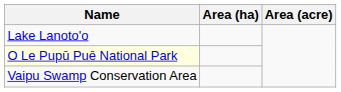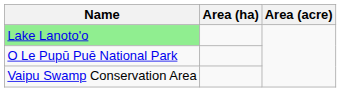 <table class="wikitable sortable">
 <tr>
 <th scope="col" align=left>Name</th>
 <th scope="col">Area (ha)</th>
 <th scope="col">Area (acre)</th>
 </tr>
 <tr ---->
-<td><a href='#'>Lake Lanoto'o</a></td>
+<td style="background: lightgreen;"><a href='#'>Lake Lanoto'o</a></td>
 <td></td>
 </tr>
 <tr ---->
-<td style="background: lightyellow;"><a href='#'>O Le Pupū Puē National Park</a></td>
+<td><a href='#'>O Le Pupū Puē National Park</a></td>
 <td></td>
 </tr>
 <tr ---->
 <td><a href='#'>Vaipu Swamp</a> Conservation Area</td>
 <td></td>
 </tr>
 </table>
